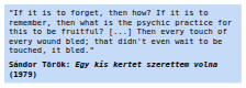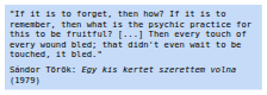 <table class="toccolours" style="float: left; margin-left: 0em; margin-right: 1em; font-size: 85%; background:#c6dbf7; color:black; width:30em; max-width: 40%;" cellspacing="5">
 <tr>
 <td style="text-align: left;">"If it is to forget, then how? If it is to remember, then what is the psychic practice for this to be fruitful? [...] Then every touch of every wound bled; that didn't even wait to be touched, it bled."</td>
 </tr>
 <tr>
-<td style="text-align: left;"><strong>Sándor Török: <em>Egy kis kertet szerettem volna</em> (1979)</strong></td>
+<td style="text-align: left;">Sándor Török: <em>Egy kis kertet szerettem volna</em> (1979)</td>
 </tr>
 </table>
